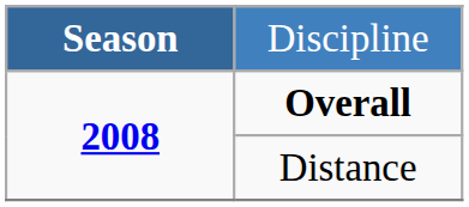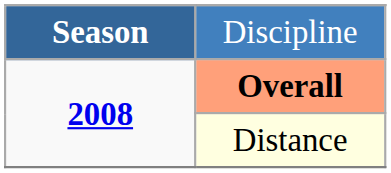 <table class="wikitable" style="font-size:95%; text-align:center; border:grey solid 1px; border-collapse:collapse;" width="20%">
 <tr style="background-color:#369; color:white;">
 <td rowspan="2" colspan="1" width="10%"><strong>Season</strong></td>
 </tr>
 <tr style="background-color:#4180be; color:white;">
 <td width="5%">Discipline</td>
 </tr>
 <tr>
 <td rowspan=2><strong><a href='#'>2008</a></strong></td>
-<td><strong>Overall</strong></td>
+<td style="background: lightsalmon;"><strong>Overall</strong></td>
 </tr>
 <tr>
-<td>Distance</td>
+<td style="background: lightyellow;">Distance</td>
 </tr>
 <tr>
 </tr>
 </table>
